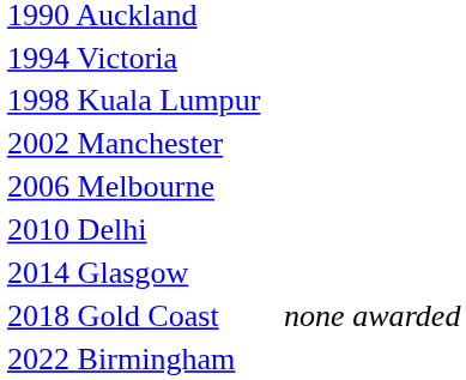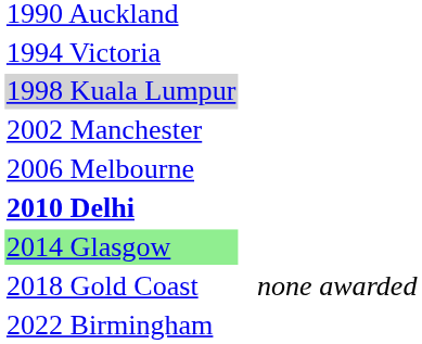 <table>
 <tr>
 <td><a href='#'>1990 Auckland</a><br></td>
 <td></td>
 <td></td>
 <td></td>
 </tr>
 <tr>
 <td><a href='#'>1994 Victoria</a><br></td>
 <td></td>
 <td></td>
 <td></td>
 </tr>
 <tr>
-<td><a href='#'>1998 Kuala Lumpur</a><br></td>
+<td style="background: lightgrey;"><a href='#'>1998 Kuala Lumpur</a><br></td>
 <td></td>
 <td></td>
 <td></td>
 </tr>
 <tr>
 <td><a href='#'>2002 Manchester</a><br></td>
 <td></td>
 <td></td>
 <td></td>
 </tr>
 <tr>
 <td><a href='#'>2006 Melbourne</a><br></td>
 <td></td>
 <td></td>
 <td></td>
 </tr>
 <tr>
-<td><a href='#'>2010 Delhi</a><br></td>
+<td><strong><a href='#'>2010 Delhi</a><br></strong></td>
 <td></td>
 <td></td>
 <td></td>
 </tr>
 <tr>
-<td><a href='#'>2014 Glasgow</a><br></td>
+<td style="background: lightgreen;"><a href='#'>2014 Glasgow</a><br></td>
 <td></td>
 <td></td>
 <td></td>
 </tr>
 <tr>
 <td rowspan=2><a href='#'>2018 Gold Coast</a><br></td>
 <td rowspan=2></td>
 <td></td>
 <td rowspan=2><em>none awarded</em></td>
 </tr>
 <tr>
 <td></td>
 </tr>
 <tr>
 <td><a href='#'>2022 Birmingham</a><br></td>
 <td></td>
 <td></td>
 <td></td>
 </tr>
 </table>
